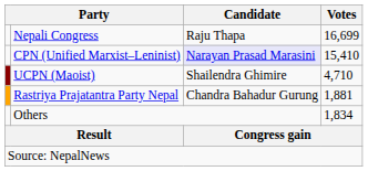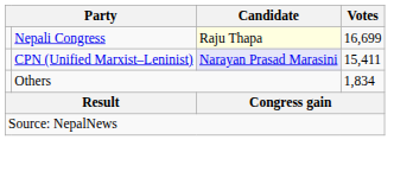 <table class="wikitable">
 <tr>
 <th colspan="2">Party</th>
 <th>Candidate</th>
 <th>Votes</th>
 </tr>
 <tr>
 <td style="background-color:"></td>
 <td><a href='#'>Nepali Congress</a></td>
-<td>Raju Thapa</td>
+<td style="background: lightyellow;">Raju Thapa</td>
 <td>16,699</td>
 </tr>
 <tr>
 <td style="background-color:"></td>
 <td><a href='#'>CPN (Unified Marxist–Leninist)</a></td>
 <td style="background: lavender;"><a href='#'>Narayan Prasad Marasini</a></td>
-<td>15,410</td>
-</tr>
-<tr>
-<td style="background-color:darkred"></td>
-<td><a href='#'>UCPN (Maoist)</a></td>
-<td>Shailendra Ghimire</td>
-<td>4,710</td>
-</tr>
-<tr>
-<td style="background-color:orange"></td>
-<td><a href='#'>Rastriya Prajatantra Party Nepal</a></td>
-<td>Chandra Bahadur Gurung</td>
-<td>1,881</td>
+<td>15,411</td>
 </tr>
 <tr>
 <td></td>
 <td colspan="2">Others</td>
 <td>1,834</td>
 </tr>
 <tr>
 <th colspan="2">Result</th>
 <th colspan="2">Congress gain</th>
 </tr>
 <tr>
 <td colspan="4">Source: NepalNews</td>
 </tr>
 </table>
